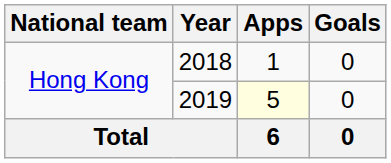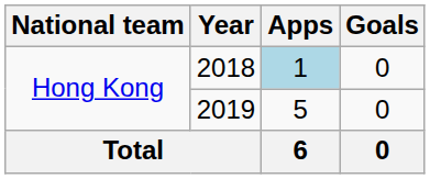 <table class="wikitable" style="text-align:center">
 <tr>
 <th>National team</th>
 <th>Year</th>
 <th>Apps</th>
 <th>Goals</th>
 </tr>
 <tr>
 <td rowspan="2"><a href='#'>Hong Kong</a></td>
 <td>2018</td>
-<td>1</td>
+<td style="background: lightblue;">1</td>
 <td>0</td>
 </tr>
 <tr>
 <td>2019</td>
-<td style="background: lightyellow;">5</td>
+<td>5</td>
 <td>0</td>
 </tr>
 <tr>
 <th colspan=2>Total</th>
 <th>6</th>
 <th>0</th>
 </tr>
 </table>
